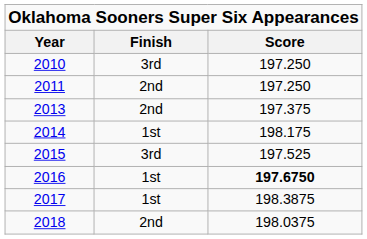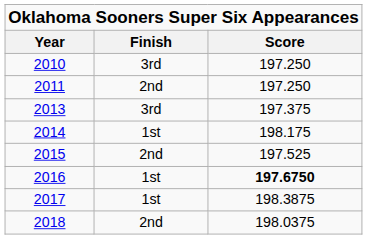 <table style="margin: 1em auto 1em auto" class="wikitable">
 <tr>
 <td colspan=3 align=center "bgcolor=white"><big><span><strong>Oklahoma Sooners Super Six Appearances</strong></span></big></td>
 </tr>
 <tr align="center" valign="top">
 <th>Year</th>
 <th>Finish</th>
 <th>Score</th>
 </tr>
 <tr align="center" valign="top">
 <td><a href='#'>2010</a></td>
 <td>3rd</td>
 <td>197.250</td>
 </tr>
 <tr align="center" valign="top">
 <td><a href='#'>2011</a></td>
 <td>2nd</td>
 <td>197.250</td>
 </tr>
 <tr align="center" valign="top">
 <td><a href='#'>2013</a></td>
-<td>2nd</td>
+<td>3rd</td>
 <td>197.375</td>
 </tr>
 <tr align="center" valign="top">
 <td><a href='#'>2014</a></td>
 <td>1st</td>
 <td>198.175</td>
 </tr>
 <tr align="center" valign="top">
 <td><a href='#'>2015</a></td>
-<td>3rd</td>
+<td>2nd</td>
 <td>197.525</td>
 </tr>
 <tr align="center" valign="top">
 <td><a href='#'>2016</a></td>
 <td>1st</td>
 <td><strong>197.6750</strong></td>
 </tr>
 <tr align="center" valign="top">
 <td><a href='#'>2017</a></td>
 <td>1st</td>
 <td>198.3875</td>
 </tr>
 <tr align="center" valign="top">
 <td><a href='#'>2018</a></td>
 <td>2nd</td>
 <td>198.0375</td>
 </tr>
 </table>
